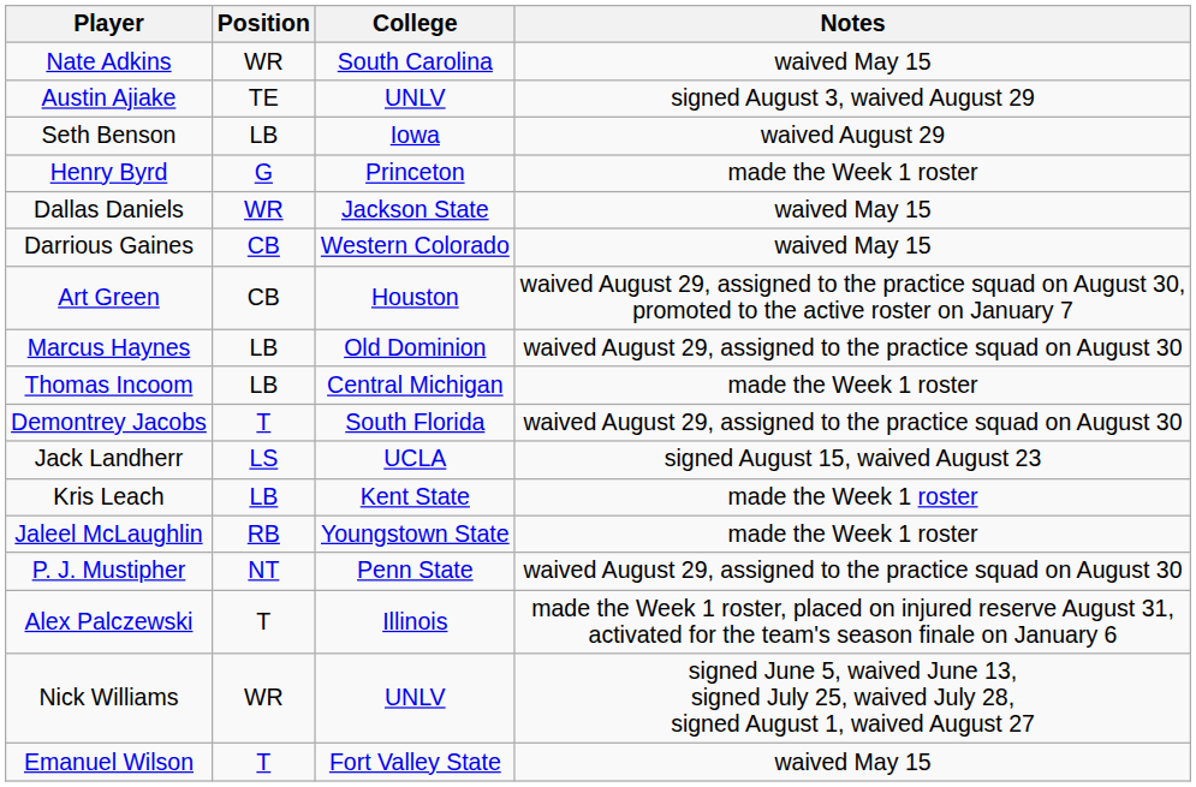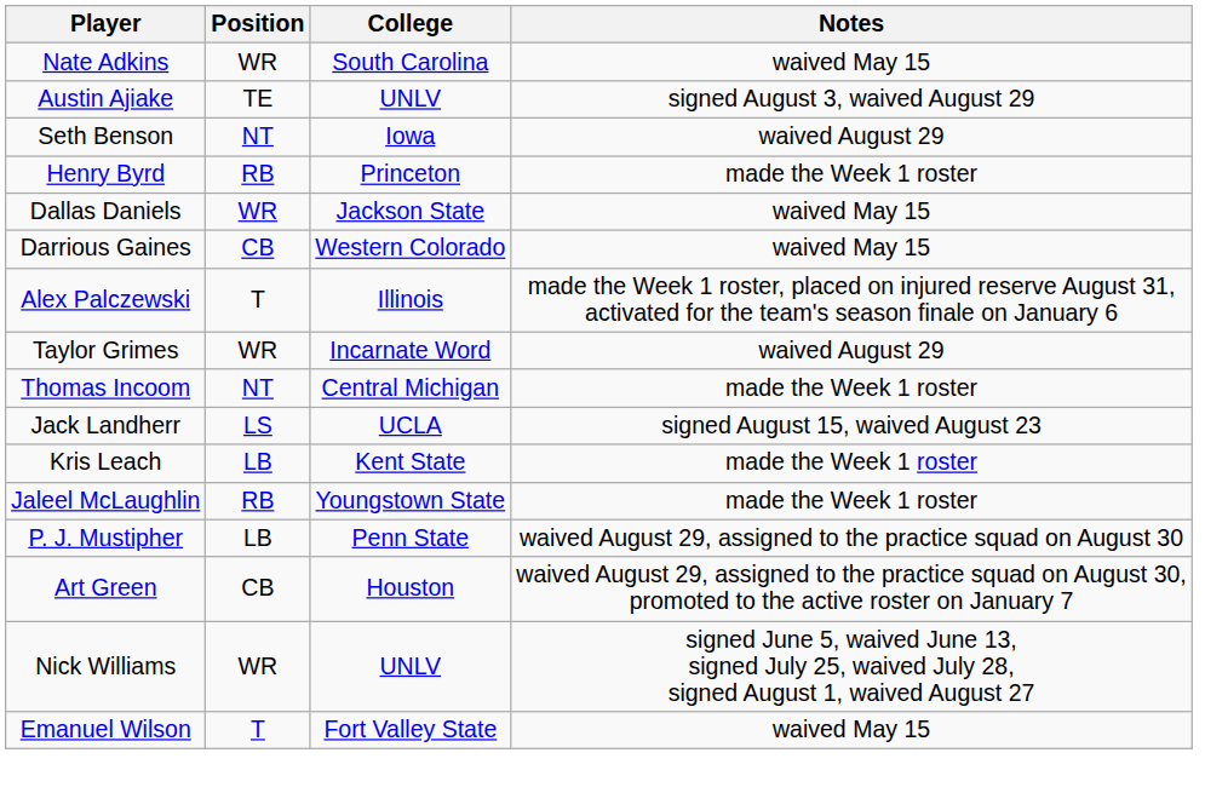 <table class="wikitable" style="text-align:center">
 <tr>
 <th>Player</th>
 <th>Position</th>
 <th>College</th>
 <th>Notes</th>
 </tr>
 <tr>
 <td><a href='#'>Nate Adkins</a></td>
 <td>WR</td>
 <td><a href='#'>South Carolina</a></td>
 <td>waived May 15</td>
 </tr>
 <tr>
 <td><a href='#'>Austin Ajiake</a></td>
 <td>TE</td>
 <td><a href='#'>UNLV</a></td>
 <td>signed August 3, waived August 29</td>
 </tr>
 <tr>
 <td>Seth Benson</td>
-<td>LB</td>
+<td><a href='#'>NT</a></td>
 <td><a href='#'>Iowa</a></td>
 <td>waived August 29</td>
 </tr>
 <tr>
 <td><a href='#'>Henry Byrd</a></td>
-<td><a href='#'>G</a></td>
+<td><a href='#'>RB</a></td>
 <td><a href='#'>Princeton</a></td>
 <td>made the Week 1 roster</td>
 </tr>
 <tr>
 <td>Dallas Daniels</td>
 <td><a href='#'>WR</a></td>
 <td><a href='#'>Jackson State</a></td>
 <td>waived May 15</td>
 </tr>
 <tr>
 <td>Darrious Gaines</td>
 <td><a href='#'>CB</a></td>
 <td><a href='#'>Western Colorado</a></td>
 <td>waived May 15</td>
 </tr>
 <tr>
-<td><a href='#'>Art Green</a></td>
-<td>CB</td>
-<td><a href='#'>Houston</a></td>
-<td>waived August 29, assigned to the practice squad on August 30,<br>promoted to the active roster on January 7</td>
+<td><a href='#'>Alex Palczewski</a></td>
+<td>T</td>
+<td><a href='#'>Illinois</a></td>
+<td>made the Week 1 roster, placed on injured reserve August 31,<br>activated for the team's season finale on January 6</td>
 </tr>
 <tr>
-<td><a href='#'>Marcus Haynes</a></td>
-<td>LB</td>
-<td><a href='#'>Old Dominion</a></td>
-<td>waived August 29, assigned to the practice squad on August 30</td>
+<td>Taylor Grimes</td>
+<td>WR</td>
+<td><a href='#'>Incarnate Word</a></td>
+<td>waived August 29</td>
 </tr>
 <tr>
 <td><a href='#'>Thomas Incoom</a></td>
-<td>LB</td>
+<td><a href='#'>NT</a></td>
 <td><a href='#'>Central Michigan</a></td>
 <td>made the Week 1 roster</td>
-</tr>
-<tr>
-<td><a href='#'>Demontrey Jacobs</a></td>
-<td><a href='#'>T</a></td>
-<td><a href='#'>South Florida</a></td>
-<td>waived August 29, assigned to the practice squad on August 30</td>
 </tr>
 <tr>
 <td>Jack Landherr</td>
 <td><a href='#'>LS</a></td>
 <td><a href='#'>UCLA</a></td>
 <td>signed August 15, waived August 23</td>
 </tr>
 <tr>
 <td>Kris Leach</td>
 <td><a href='#'>LB</a></td>
 <td><a href='#'>Kent State</a></td>
 <td>made the Week 1 <a href='#'>roster</a></td>
 </tr>
 <tr>
 <td><a href='#'>Jaleel McLaughlin</a></td>
 <td><a href='#'>RB</a></td>
 <td><a href='#'>Youngstown State</a></td>
 <td>made the Week 1 roster</td>
 </tr>
 <tr>
 <td><a href='#'>P. J. Mustipher</a></td>
-<td><a href='#'>NT</a></td>
+<td>LB</td>
 <td><a href='#'>Penn State</a></td>
 <td>waived August 29, assigned to the practice squad on August 30</td>
 </tr>
 <tr>
-<td><a href='#'>Alex Palczewski</a></td>
-<td>T</td>
-<td><a href='#'>Illinois</a></td>
-<td>made the Week 1 roster, placed on injured reserve August 31,<br>activated for the team's season finale on January 6</td>
+<td><a href='#'>Art Green</a></td>
+<td>CB</td>
+<td><a href='#'>Houston</a></td>
+<td>waived August 29, assigned to the practice squad on August 30,<br>promoted to the active roster on January 7</td>
 </tr>
 <tr>
 <td>Nick Williams</td>
 <td>WR</td>
 <td><a href='#'>UNLV</a></td>
 <td>signed June 5, waived June 13,<br>signed July 25, waived July 28,<br>signed August 1, waived August 27</td>
 </tr>
 <tr>
 <td><a href='#'>Emanuel Wilson</a></td>
 <td><a href='#'>T</a></td>
 <td><a href='#'>Fort Valley State</a></td>
 <td>waived May 15</td>
 </tr>
 </table>
